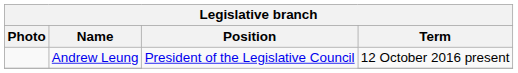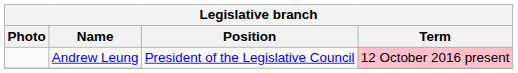 <table class="wikitable" style="text-align:center">
 <tr>
 <th colspan="4">Legislative branch</th>
 </tr>
 <tr>
 <th>Photo</th>
 <th>Name</th>
 <th>Position</th>
 <th>Term</th>
 </tr>
 <tr>
 <td></td>
 <td><a href='#'>Andrew Leung</a></td>
 <td rowspan="2"><a href='#'>President of the Legislative Council</a></td>
-<td>12 October 2016  present</td>
+<td style="background: pink;">12 October 2016  present</td>
 </tr>
 <tr>
 </tr>
 </table>
